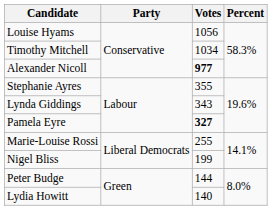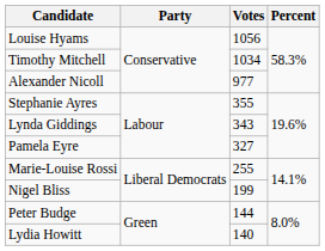 <table class="wikitable">
 <tr>
 <th>Candidate</th>
 <th>Party</th>
 <th>Votes</th>
 <th>Percent</th>
 </tr>
 <tr>
 <td>Louise Hyams</td>
 <td rowspan="3">Conservative</td>
 <td>1056</td>
 <td rowspan="3">58.3%</td>
 </tr>
 <tr>
 <td>Timothy Mitchell</td>
 <td>1034</td>
 </tr>
 <tr>
 <td>Alexander Nicoll</td>
-<td><strong>977</strong></td>
+<td>977</td>
 </tr>
 <tr>
 <td>Stephanie Ayres</td>
 <td rowspan="3">Labour</td>
 <td>355</td>
 <td rowspan="3">19.6%</td>
 </tr>
 <tr>
 <td>Lynda Giddings</td>
 <td>343</td>
 </tr>
 <tr>
 <td>Pamela Eyre</td>
-<td><strong>327</strong></td>
+<td>327</td>
 </tr>
 <tr>
 <td>Marie-Louise Rossi</td>
 <td rowspan="2">Liberal Democrats</td>
 <td>255</td>
 <td rowspan="2">14.1%</td>
 </tr>
 <tr>
 <td>Nigel Bliss</td>
 <td>199</td>
 </tr>
 <tr>
 <td>Peter Budge</td>
 <td rowspan="2">Green</td>
 <td>144</td>
 <td rowspan="2">8.0%</td>
 </tr>
 <tr>
 <td>Lydia Howitt</td>
 <td>140</td>
 </tr>
 </table>
